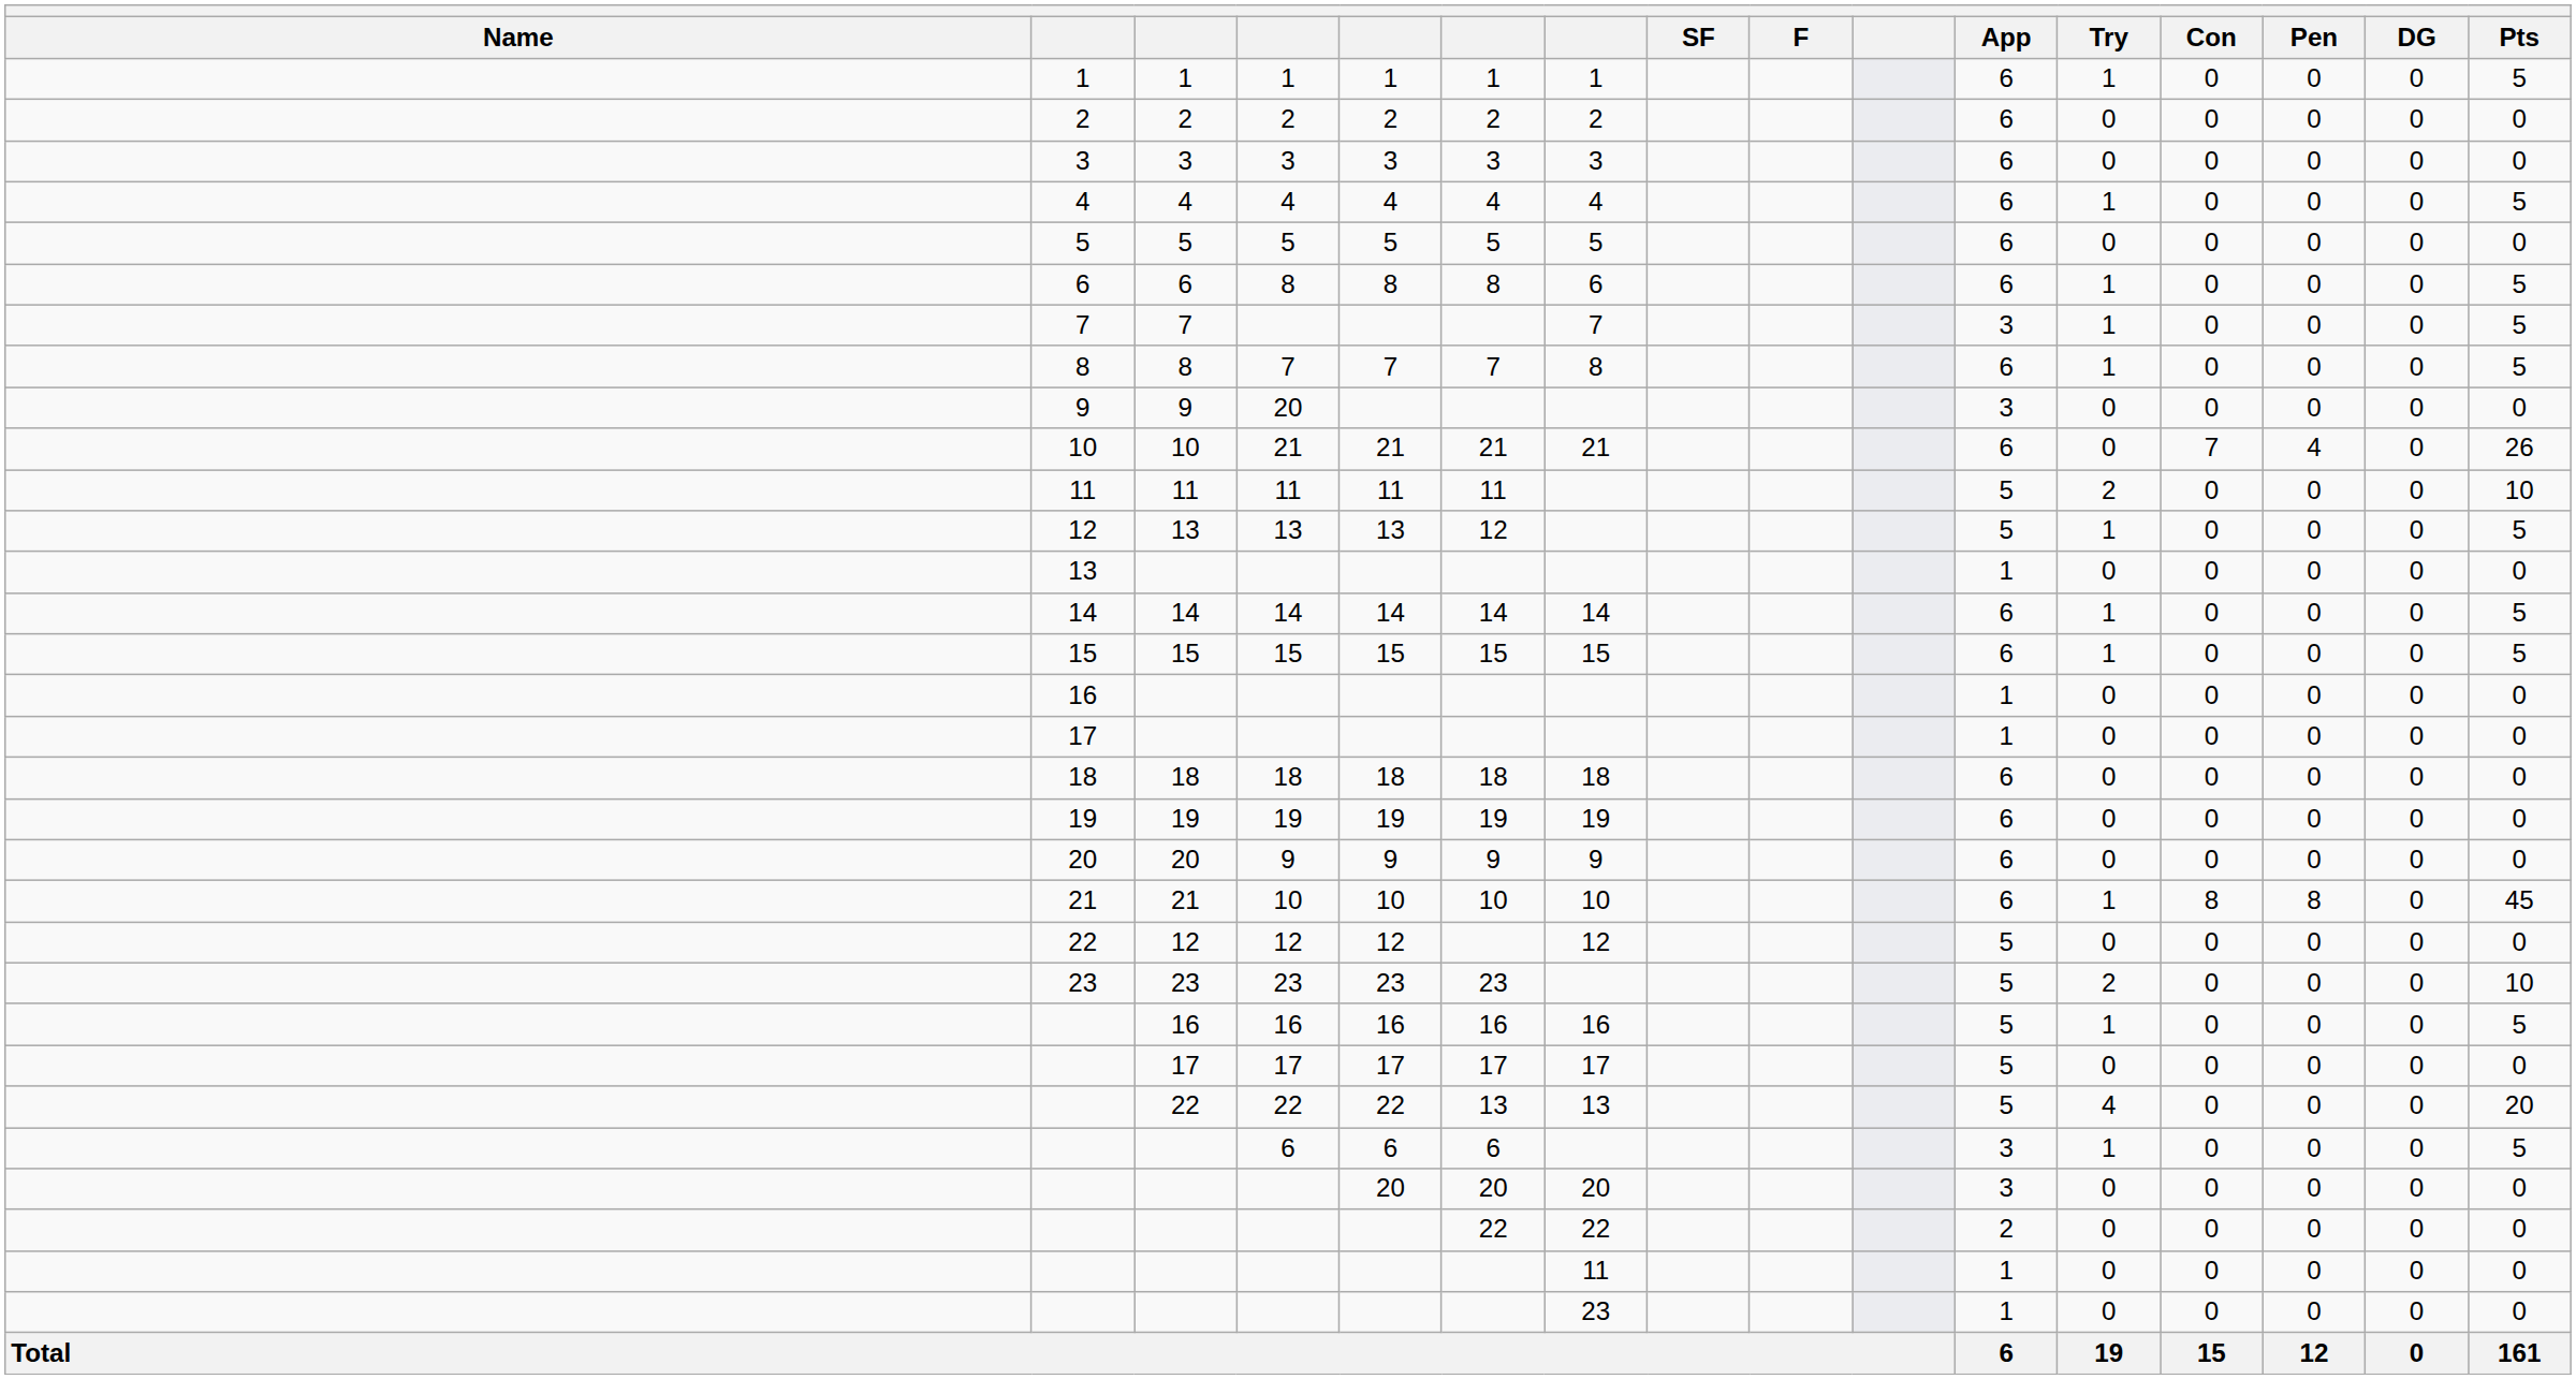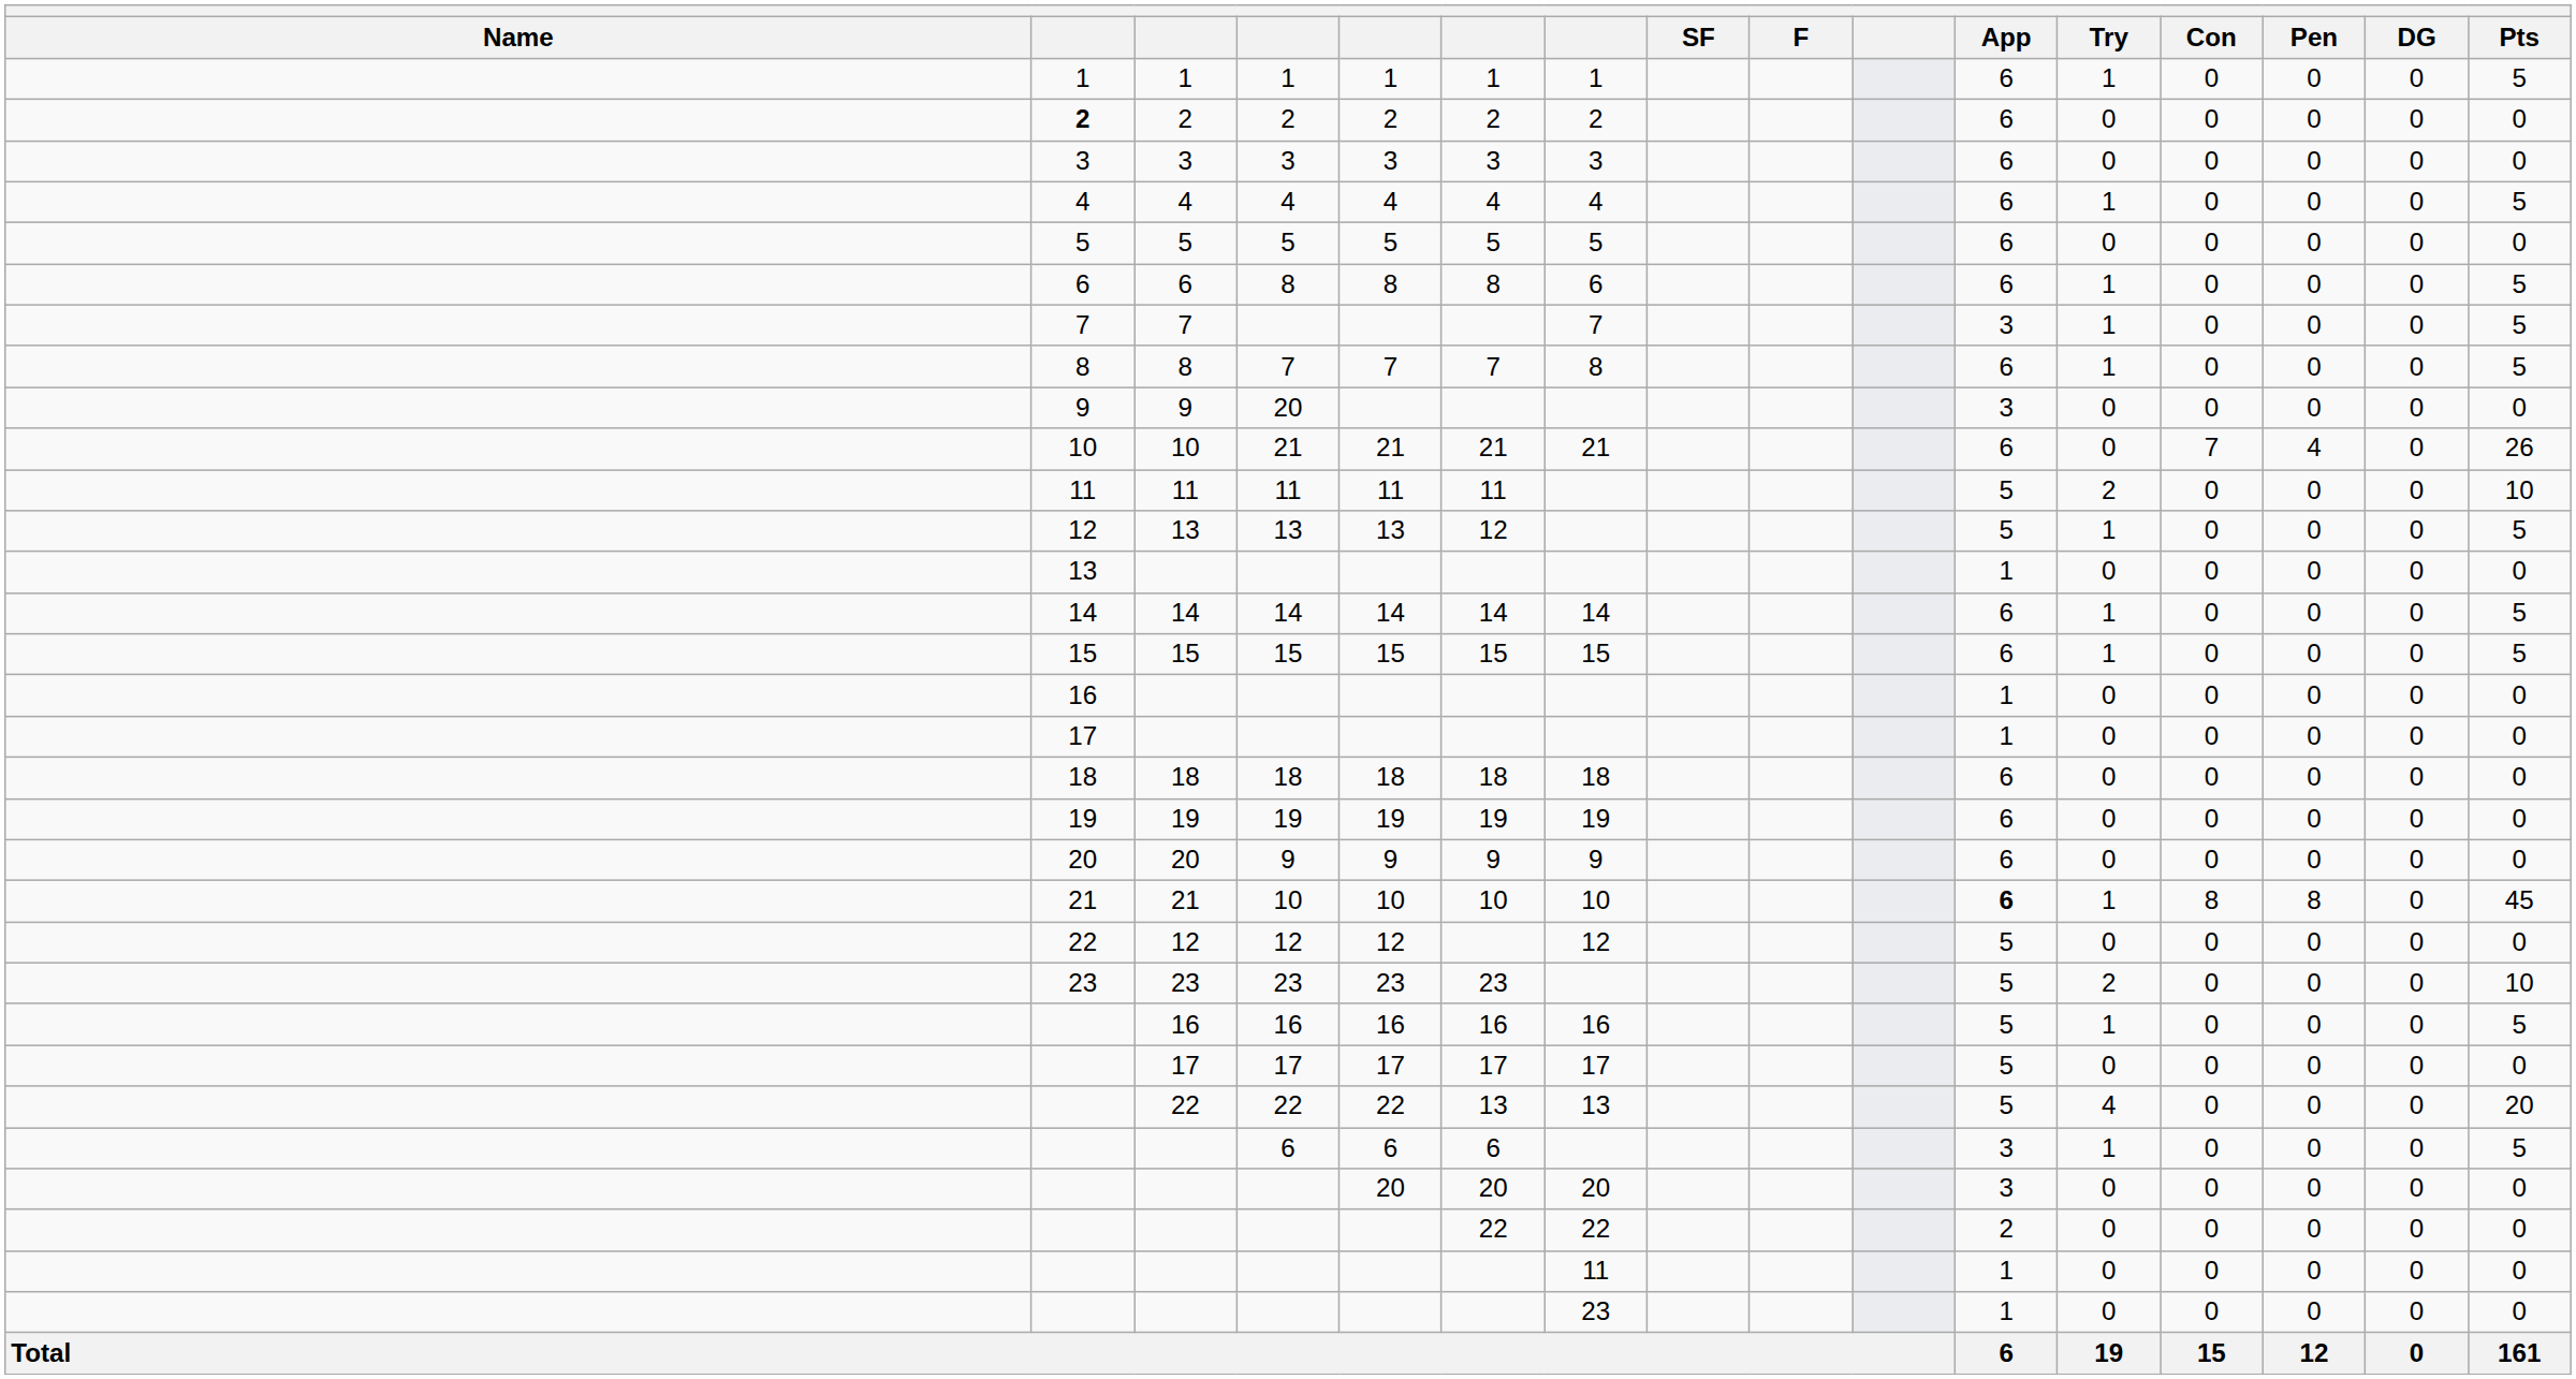 <table class="wikitable collapsible collapsed" style="text-align:center; font-size:100%; width:100%">
 <tr>
 <th colspan="100%"></th>
 </tr>
 <tr>
 <th style="width:40%;">Name</th>
 <th style="width:4%;"></th>
 <th style="width:4%;"></th>
 <th style="width:4%;"></th>
 <th style="width:4%;"></th>
 <th style="width:4%;"></th>
 <th style="width:4%;"></th>
 <th style="width:4%;">SF</th>
 <th style="width:4%;">F</th>
 <th style="width:4%;"></th>
 <th style="width:4%;">App</th>
 <th style="width:4%;">Try</th>
 <th style="width:4%;">Con</th>
 <th style="width:4%;">Pen</th>
 <th style="width:4%;">DG</th>
 <th style="width:4%;">Pts</th>
 </tr>
 <tr>
 <td style="text-align:left;"></td>
 <td>1</td>
 <td>1</td>
 <td>1</td>
 <td>1</td>
 <td>1</td>
 <td>1</td>
 <td></td>
 <td></td>
 <td style="background:#EBECF0;"></td>
 <td>6</td>
 <td>1</td>
 <td>0</td>
 <td>0</td>
 <td>0</td>
 <td>5</td>
 </tr>
 <tr>
 <td style="text-align:left;"></td>
-<td>2</td>
+<td><strong>2</strong></td>
 <td>2</td>
 <td>2</td>
 <td>2</td>
 <td>2</td>
 <td>2</td>
 <td></td>
 <td></td>
 <td style="background:#EBECF0;"></td>
 <td>6</td>
 <td>0</td>
 <td>0</td>
 <td>0</td>
 <td>0</td>
 <td>0</td>
 </tr>
 <tr>
 <td style="text-align:left;"></td>
 <td>3</td>
 <td>3</td>
 <td>3</td>
 <td>3</td>
 <td>3</td>
 <td>3</td>
 <td></td>
 <td></td>
 <td style="background:#EBECF0;"></td>
 <td>6</td>
 <td>0</td>
 <td>0</td>
 <td>0</td>
 <td>0</td>
 <td>0</td>
 </tr>
 <tr>
 <td style="text-align:left;"></td>
 <td>4</td>
 <td>4</td>
 <td>4</td>
 <td>4</td>
 <td>4</td>
 <td>4</td>
 <td></td>
 <td></td>
 <td style="background:#EBECF0;"></td>
 <td>6</td>
 <td>1</td>
 <td>0</td>
 <td>0</td>
 <td>0</td>
 <td>5</td>
 </tr>
 <tr>
 <td style="text-align:left;"></td>
 <td>5</td>
 <td>5</td>
 <td>5</td>
 <td>5</td>
 <td>5</td>
 <td>5</td>
 <td></td>
 <td></td>
 <td style="background:#EBECF0;"></td>
 <td>6</td>
 <td>0</td>
 <td>0</td>
 <td>0</td>
 <td>0</td>
 <td>0</td>
 </tr>
 <tr>
 <td style="text-align:left;"></td>
 <td>6</td>
 <td>6</td>
 <td>8</td>
 <td>8</td>
 <td>8</td>
 <td>6</td>
 <td></td>
 <td></td>
 <td style="background:#EBECF0;"></td>
 <td>6</td>
 <td>1</td>
 <td>0</td>
 <td>0</td>
 <td>0</td>
 <td>5</td>
 </tr>
 <tr>
 <td style="text-align:left;"></td>
 <td>7</td>
 <td>7</td>
 <td></td>
 <td></td>
 <td></td>
 <td>7</td>
 <td></td>
 <td></td>
 <td style="background:#EBECF0;"></td>
 <td>3</td>
 <td>1</td>
 <td>0</td>
 <td>0</td>
 <td>0</td>
 <td>5</td>
 </tr>
 <tr>
 <td style="text-align:left;"></td>
 <td>8</td>
 <td>8</td>
 <td>7</td>
 <td>7</td>
 <td>7</td>
 <td>8</td>
 <td></td>
 <td></td>
 <td style="background:#EBECF0;"></td>
 <td>6</td>
 <td>1</td>
 <td>0</td>
 <td>0</td>
 <td>0</td>
 <td>5</td>
 </tr>
 <tr>
 <td style="text-align:left;"></td>
 <td>9</td>
 <td>9</td>
 <td>20 </td>
 <td></td>
 <td></td>
 <td></td>
 <td></td>
 <td></td>
 <td style="background:#EBECF0;"></td>
 <td>3</td>
 <td>0</td>
 <td>0</td>
 <td>0</td>
 <td>0</td>
 <td>0</td>
 </tr>
 <tr>
 <td style="text-align:left;"></td>
 <td>10</td>
 <td>10</td>
 <td>21 </td>
 <td>21 </td>
 <td>21 </td>
 <td>21 </td>
 <td></td>
 <td></td>
 <td style="background:#EBECF0;"></td>
 <td>6</td>
 <td>0</td>
 <td>7</td>
 <td>4</td>
 <td>0</td>
 <td>26</td>
 </tr>
 <tr>
 <td style="text-align:left;"></td>
 <td>11</td>
 <td>11</td>
 <td>11</td>
 <td>11</td>
 <td>11</td>
 <td></td>
 <td></td>
 <td></td>
 <td style="background:#EBECF0;"></td>
 <td>5</td>
 <td>2</td>
 <td>0</td>
 <td>0</td>
 <td>0</td>
 <td>10</td>
 </tr>
 <tr>
 <td style="text-align:left;"></td>
 <td>12</td>
 <td>13</td>
 <td>13</td>
 <td>13</td>
 <td>12</td>
 <td></td>
 <td></td>
 <td></td>
 <td style="background:#EBECF0;"></td>
 <td>5</td>
 <td>1</td>
 <td>0</td>
 <td>0</td>
 <td>0</td>
 <td>5</td>
 </tr>
 <tr>
 <td style="text-align:left;"></td>
 <td>13</td>
 <td></td>
 <td></td>
 <td></td>
 <td></td>
 <td></td>
 <td></td>
 <td></td>
 <td style="background:#EBECF0;"></td>
 <td>1</td>
 <td>0</td>
 <td>0</td>
 <td>0</td>
 <td>0</td>
 <td>0</td>
 </tr>
 <tr>
 <td style="text-align:left;"></td>
 <td>14</td>
 <td>14</td>
 <td>14</td>
 <td>14</td>
 <td>14</td>
 <td>14</td>
 <td></td>
 <td></td>
 <td style="background:#EBECF0;"></td>
 <td>6</td>
 <td>1</td>
 <td>0</td>
 <td>0</td>
 <td>0</td>
 <td>5</td>
 </tr>
 <tr>
 <td style="text-align:left;"></td>
 <td>15</td>
 <td>15</td>
 <td>15</td>
 <td>15</td>
 <td>15</td>
 <td>15</td>
 <td></td>
 <td></td>
 <td style="background:#EBECF0;"></td>
 <td>6</td>
 <td>1</td>
 <td>0</td>
 <td>0</td>
 <td>0</td>
 <td>5</td>
 </tr>
 <tr>
 <td style="text-align:left;"></td>
 <td>16 </td>
 <td></td>
 <td></td>
 <td></td>
 <td></td>
 <td></td>
 <td></td>
 <td></td>
 <td style="background:#EBECF0;"></td>
 <td>1</td>
 <td>0</td>
 <td>0</td>
 <td>0</td>
 <td>0</td>
 <td>0</td>
 </tr>
 <tr>
 <td style="text-align:left;"></td>
 <td>17 </td>
 <td></td>
 <td></td>
 <td></td>
 <td></td>
 <td></td>
 <td></td>
 <td></td>
 <td style="background:#EBECF0;"></td>
 <td>1</td>
 <td>0</td>
 <td>0</td>
 <td>0</td>
 <td>0</td>
 <td>0</td>
 </tr>
 <tr>
 <td style="text-align:left;"></td>
 <td>18 </td>
 <td>18 </td>
 <td>18 </td>
 <td>18 </td>
 <td>18 </td>
 <td>18 </td>
 <td></td>
 <td></td>
 <td style="background:#EBECF0;"></td>
 <td>6</td>
 <td>0</td>
 <td>0</td>
 <td>0</td>
 <td>0</td>
 <td>0</td>
 </tr>
 <tr>
 <td style="text-align:left;"></td>
 <td>19 </td>
 <td>19 </td>
 <td>19 </td>
 <td>19 </td>
 <td>19 </td>
 <td>19 </td>
 <td></td>
 <td></td>
 <td style="background:#EBECF0;"></td>
 <td>6</td>
 <td>0</td>
 <td>0</td>
 <td>0</td>
 <td>0</td>
 <td>0</td>
 </tr>
 <tr>
 <td style="text-align:left;"></td>
 <td>20 </td>
 <td>20 </td>
 <td>9</td>
 <td>9</td>
 <td>9</td>
 <td>9</td>
 <td></td>
 <td></td>
 <td style="background:#EBECF0;"></td>
 <td>6</td>
 <td>0</td>
 <td>0</td>
 <td>0</td>
 <td>0</td>
 <td>0</td>
 </tr>
 <tr>
 <td style="text-align:left;"></td>
 <td>21 </td>
 <td>21 </td>
 <td>10</td>
 <td>10</td>
 <td>10</td>
 <td>10</td>
 <td></td>
 <td></td>
 <td style="background:#EBECF0;"></td>
-<td>6</td>
+<td><strong>6</strong></td>
 <td>1</td>
 <td>8</td>
 <td>8</td>
 <td>0</td>
 <td>45</td>
 </tr>
 <tr>
 <td style="text-align:left;"></td>
 <td>22 </td>
 <td>12</td>
 <td>12</td>
 <td>12</td>
 <td></td>
 <td>12</td>
 <td></td>
 <td></td>
 <td style="background:#EBECF0;"></td>
 <td>5</td>
 <td>0</td>
 <td>0</td>
 <td>0</td>
 <td>0</td>
 <td>0</td>
 </tr>
 <tr>
 <td style="text-align:left;"></td>
 <td>23 </td>
 <td>23 </td>
 <td>23 </td>
 <td>23 </td>
 <td>23 </td>
 <td></td>
 <td></td>
 <td></td>
 <td style="background:#EBECF0;"></td>
 <td>5</td>
 <td>2</td>
 <td>0</td>
 <td>0</td>
 <td>0</td>
 <td>10</td>
 </tr>
 <tr>
 <td style="text-align:left;"></td>
 <td></td>
 <td>16 </td>
 <td>16 </td>
 <td>16 </td>
 <td>16 </td>
 <td>16 </td>
 <td></td>
 <td></td>
 <td style="background:#EBECF0;"></td>
 <td>5</td>
 <td>1</td>
 <td>0</td>
 <td>0</td>
 <td>0</td>
 <td>5</td>
 </tr>
 <tr>
 <td style="text-align:left;"></td>
 <td></td>
 <td>17 </td>
 <td>17 </td>
 <td>17 </td>
 <td>17 </td>
 <td>17 </td>
 <td></td>
 <td></td>
 <td style="background:#EBECF0;"></td>
 <td>5</td>
 <td>0</td>
 <td>0</td>
 <td>0</td>
 <td>0</td>
 <td>0</td>
 </tr>
 <tr>
 <td style="text-align:left;"></td>
 <td></td>
 <td>22 </td>
 <td>22 </td>
 <td>22 </td>
 <td>13</td>
 <td>13</td>
 <td></td>
 <td></td>
 <td style="background:#EBECF0;"></td>
 <td>5</td>
 <td>4</td>
 <td>0</td>
 <td>0</td>
 <td>0</td>
 <td>20</td>
 </tr>
 <tr>
 <td style="text-align:left;"></td>
 <td></td>
 <td></td>
 <td>6</td>
 <td>6</td>
 <td>6</td>
 <td></td>
 <td></td>
 <td></td>
 <td style="background:#EBECF0;"></td>
 <td>3</td>
 <td>1</td>
 <td>0</td>
 <td>0</td>
 <td>0</td>
 <td>5</td>
 </tr>
 <tr>
 <td style="text-align:left;"></td>
 <td></td>
 <td></td>
 <td></td>
 <td>20 </td>
 <td>20 </td>
 <td>20 </td>
 <td></td>
 <td></td>
 <td style="background:#EBECF0;"></td>
 <td>3</td>
 <td>0</td>
 <td>0</td>
 <td>0</td>
 <td>0</td>
 <td>0</td>
 </tr>
 <tr>
 <td style="text-align:left;"></td>
 <td></td>
 <td></td>
 <td></td>
 <td></td>
 <td>22 </td>
 <td>22 </td>
 <td></td>
 <td></td>
 <td style="background:#EBECF0;"></td>
 <td>2</td>
 <td>0</td>
 <td>0</td>
 <td>0</td>
 <td>0</td>
 <td>0</td>
 </tr>
 <tr>
 <td style="text-align:left;"></td>
 <td></td>
 <td></td>
 <td></td>
 <td></td>
 <td></td>
 <td>11</td>
 <td></td>
 <td></td>
 <td style="background:#EBECF0;"></td>
 <td>1</td>
 <td>0</td>
 <td>0</td>
 <td>0</td>
 <td>0</td>
 <td>0</td>
 </tr>
 <tr>
 <td style="text-align:left;"></td>
 <td></td>
 <td></td>
 <td></td>
 <td></td>
 <td></td>
 <td>23 </td>
 <td></td>
 <td></td>
 <td style="background:#EBECF0;"></td>
 <td>1</td>
 <td>0</td>
 <td>0</td>
 <td>0</td>
 <td>0</td>
 <td>0</td>
 </tr>
 <tr>
 <th colspan="10" style="text-align:left;">Total</th>
 <th>6</th>
 <th>19</th>
 <th>15</th>
 <th>12</th>
 <th>0</th>
 <th>161</th>
 </tr>
 </table>
